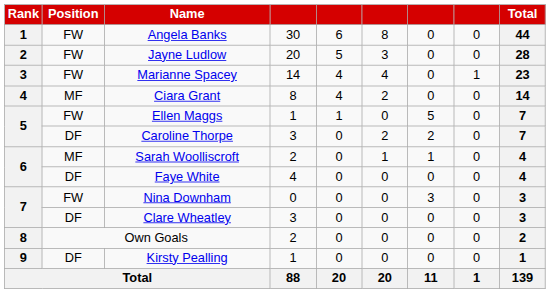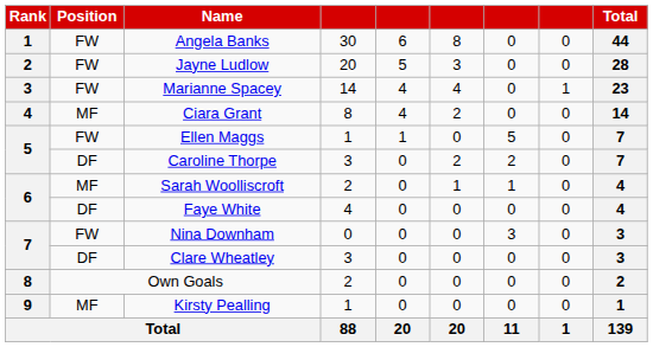 <table class="wikitable" style="text-align:center; font-size:100%; ">
 <tr>
 <th style="background:#d50000; color:white; text-align:center; width:40px">Rank</th>
 <th style="background:#d50000; color:white; text-align:center; width:70px">Position</th>
 <th style="background:#d50000; color:white; text-align:center; width:200px">Name</th>
 <th style="background:#d50000; color:white; text-align:center; width:50px;"></th>
 <th style="background:#d50000; color:white; text-align:center; width:50px;"></th>
 <th style="background:#d50000; color:white; text-align:center; width:50px;"></th>
 <th style="background:#d50000; color:white; text-align:center; width:50px;"></th>
 <th style="background:#d50000; color:white; text-align:center; width:50px;"></th>
 <th style="background:#d50000; color:white; text-align:center; width:50px;">Total</th>
 </tr>
 <tr>
 <th>1</th>
 <td>FW</td>
 <td> <a href='#'>Angela Banks</a></td>
 <td>30</td>
 <td>6</td>
 <td>8</td>
 <td>0</td>
 <td>0</td>
 <th>44</th>
 </tr>
 <tr>
 <th>2</th>
 <td>FW</td>
 <td> <a href='#'>Jayne Ludlow</a></td>
 <td>20</td>
 <td>5</td>
 <td>3</td>
 <td>0</td>
 <td>0</td>
 <th>28</th>
 </tr>
 <tr>
 <th>3</th>
 <td>FW</td>
 <td> <a href='#'>Marianne Spacey</a></td>
 <td>14</td>
 <td>4</td>
 <td>4</td>
 <td>0</td>
 <td>1</td>
 <th>23</th>
 </tr>
 <tr>
 <th>4</th>
 <td>MF</td>
 <td> <a href='#'>Ciara Grant</a></td>
 <td>8</td>
 <td>4</td>
 <td>2</td>
 <td>0</td>
 <td>0</td>
 <th>14</th>
 </tr>
 <tr>
 <th rowspan="2">5</th>
 <td>FW</td>
 <td> <a href='#'>Ellen Maggs</a></td>
 <td>1</td>
 <td>1</td>
 <td>0</td>
 <td>5</td>
 <td>0</td>
 <th>7</th>
 </tr>
 <tr>
 <td>DF</td>
 <td> <a href='#'>Caroline Thorpe</a></td>
 <td>3</td>
 <td>0</td>
 <td>2</td>
 <td>2</td>
 <td>0</td>
 <th>7</th>
 </tr>
 <tr>
 <th rowspan="2">6</th>
 <td>MF</td>
 <td> <a href='#'>Sarah Woolliscroft</a></td>
 <td>2</td>
 <td>0</td>
 <td>1</td>
 <td>1</td>
 <td>0</td>
 <th>4</th>
 </tr>
 <tr>
 <td>DF</td>
 <td> <a href='#'>Faye White</a></td>
 <td>4</td>
 <td>0</td>
 <td>0</td>
 <td>0</td>
 <td>0</td>
 <th>4</th>
 </tr>
 <tr>
 <th rowspan="2">7</th>
 <td>FW</td>
 <td> <a href='#'>Nina Downham</a></td>
 <td>0</td>
 <td>0</td>
 <td>0</td>
 <td>3</td>
 <td>0</td>
 <th>3</th>
 </tr>
 <tr>
 <td>DF</td>
 <td> <a href='#'>Clare Wheatley</a></td>
 <td>3</td>
 <td>0</td>
 <td>0</td>
 <td>0</td>
 <td>0</td>
 <th>3</th>
 </tr>
 <tr>
 <th>8</th>
 <td colspan="2">Own Goals</td>
 <td>2</td>
 <td>0</td>
 <td>0</td>
 <td>0</td>
 <td>0</td>
 <th>2</th>
 </tr>
 <tr>
 <th>9</th>
-<td>DF</td>
+<td>MF</td>
 <td> <a href='#'>Kirsty Pealling</a></td>
 <td>1</td>
 <td>0</td>
 <td>0</td>
 <td>0</td>
 <td>0</td>
 <th>1</th>
 </tr>
 <tr>
 <th colspan="3">Total</th>
 <th>88</th>
 <th>20</th>
 <th>20</th>
 <th>11</th>
 <th>1</th>
 <th>139</th>
 </tr>
 </table>
